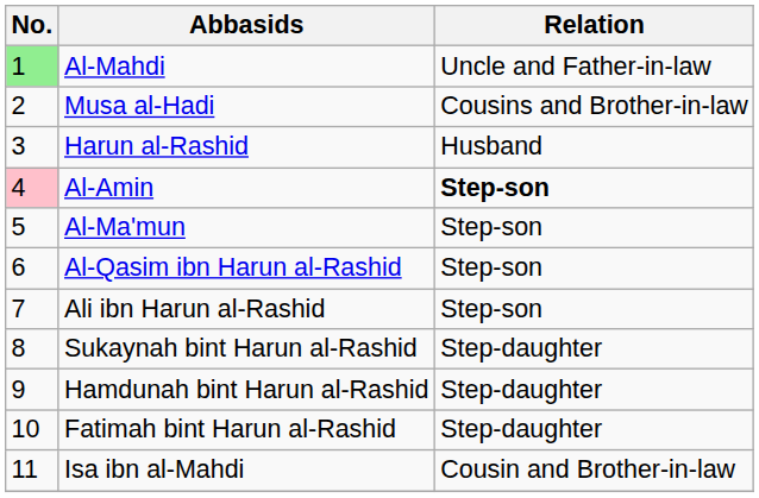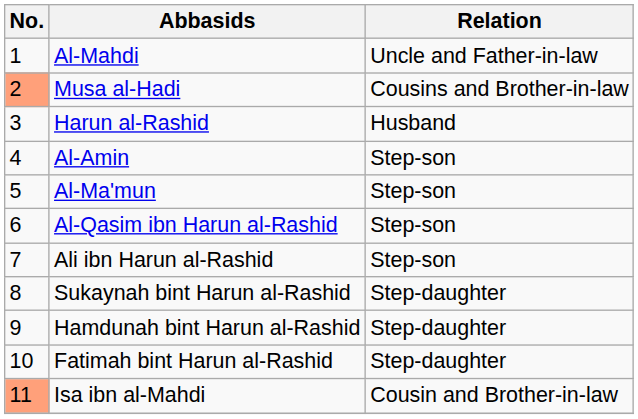 <table class="wikitable" border="2">
 <tr>
 <th>No.</th>
 <th>Abbasids</th>
 <th>Relation</th>
 </tr>
 <tr>
-<td style="background: lightgreen;">1</td>
+<td>1</td>
 <td><a href='#'>Al-Mahdi</a></td>
 <td>Uncle and Father-in-law</td>
 </tr>
 <tr>
-<td>2</td>
+<td style="background: lightsalmon;">2</td>
 <td><a href='#'>Musa al-Hadi</a></td>
 <td>Cousins and Brother-in-law</td>
 </tr>
 <tr>
 <td>3</td>
 <td><a href='#'>Harun al-Rashid</a></td>
 <td>Husband</td>
 </tr>
 <tr>
-<td style="background: pink;">4</td>
+<td>4</td>
 <td><a href='#'>Al-Amin</a></td>
-<td><strong>Step-son</strong></td>
+<td>Step-son</td>
 </tr>
 <tr>
 <td>5</td>
 <td><a href='#'>Al-Ma'mun</a></td>
 <td>Step-son</td>
 </tr>
 <tr>
 <td>6</td>
 <td><a href='#'>Al-Qasim ibn Harun al-Rashid</a></td>
 <td>Step-son</td>
 </tr>
 <tr>
 <td>7</td>
 <td>Ali ibn Harun al-Rashid</td>
 <td>Step-son</td>
 </tr>
 <tr>
 <td>8</td>
 <td>Sukaynah bint Harun al-Rashid</td>
 <td>Step-daughter</td>
 </tr>
 <tr>
 <td>9</td>
 <td>Hamdunah bint Harun al-Rashid</td>
 <td>Step-daughter</td>
 </tr>
 <tr>
 <td>10</td>
 <td>Fatimah bint Harun al-Rashid</td>
 <td>Step-daughter</td>
 </tr>
 <tr>
-<td>11</td>
+<td style="background: lightsalmon;">11</td>
 <td>Isa ibn al-Mahdi</td>
 <td>Cousin and Brother-in-law</td>
 </tr>
 <tr>
 </tr>
 </table>
